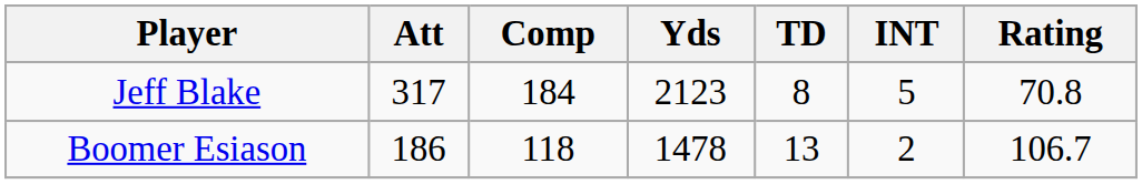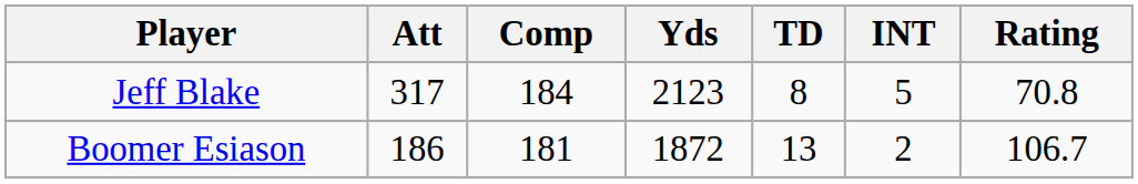 <table class="wikitable" style="text-align:center;" width="80%">
 <tr>
 <th>Player</th>
 <th>Att</th>
 <th>Comp</th>
 <th>Yds</th>
 <th>TD</th>
 <th>INT</th>
 <th>Rating</th>
 </tr>
 <tr align="center" bgcolor="">
 <td><a href='#'>Jeff Blake</a></td>
 <td>317</td>
 <td>184</td>
 <td>2123</td>
 <td>8</td>
 <td>5</td>
 <td>70.8</td>
 </tr>
 <tr align="center" bgcolor="">
 <td><a href='#'>Boomer Esiason</a></td>
 <td>186</td>
-<td>118</td>
-<td>1478</td>
+<td>181</td>
+<td>1872</td>
 <td>13</td>
 <td>2</td>
 <td>106.7</td>
 </tr>
 <tr align="center" bgcolor="">
 </tr>
 </table>
